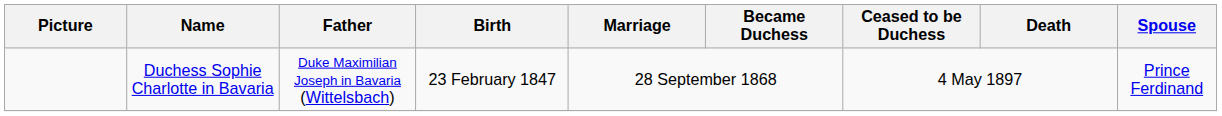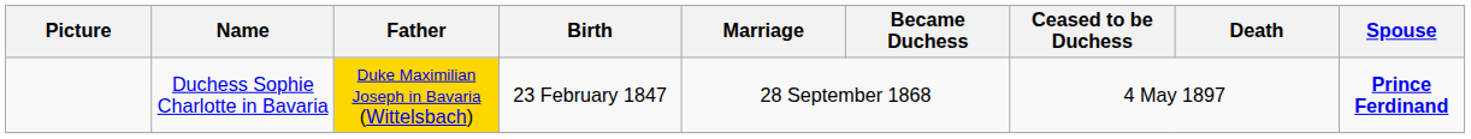 <table width=95% class="wikitable">
 <tr>
 <th width = "8%">Picture</th>
 <th width = "10%">Name</th>
 <th width = "9%">Father</th>
 <th width = "10%">Birth</th>
 <th width = "9%">Marriage</th>
 <th width = "9%">Became Duchess</th>
 <th width = "9%">Ceased to be Duchess</th>
 <th width = "9%">Death</th>
 <th width = "6%"><a href='#'>Spouse</a></th>
 </tr>
 <tr>
 <td align="center"></td>
 <td align="center"><a href='#'>Duchess Sophie Charlotte in Bavaria</a></td>
-<td align="center"><small><a href='#'>Duke Maximilian Joseph in Bavaria</a></small><br>(<a href='#'>Wittelsbach</a>)</td>
+<td align="center" style="background: gold;"><small><a href='#'>Duke Maximilian Joseph in Bavaria</a></small><br>(<a href='#'>Wittelsbach</a>)</td>
 <td align="center">23 February 1847</td>
 <td align="center" colspan="2">28 September 1868</td>
 <td align="center" colspan="2">4 May 1897</td>
-<td align="center"><a href='#'>Prince Ferdinand</a></td>
+<td align="center"><strong><a href='#'>Prince Ferdinand</a></strong></td>
 </tr>
 <tr>
 </tr>
 </table>
